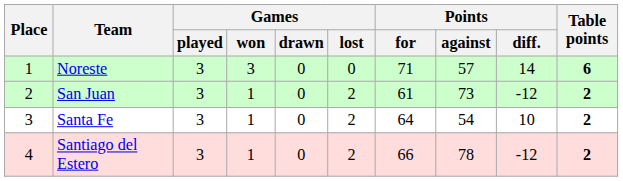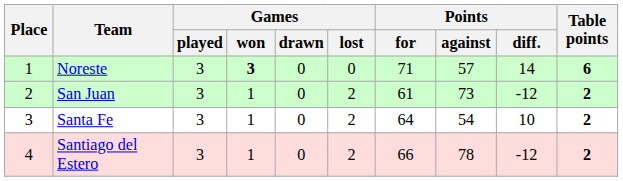 <table class="wikitable">
 <tr>
 <th rowspan=2 width="8%">Place</th>
 <th rowspan=2 width="20%">Team</th>
 <th colspan=4 width="32%">Games</th>
 <th colspan=3 width="30%">Points</th>
 <th rowspan=2 width="10%">Table<br>points</th>
 </tr>
 <tr>
 <th width="8%">played</th>
 <th width="8%">won</th>
 <th width="8%">drawn</th>
 <th width="8%">lost</th>
 <th width="10%">for</th>
 <th width="10%">against</th>
 <th width="10%">diff.</th>
 </tr>
 <tr align=center style="background: #ccffcc;">
 <td>1</td>
 <td align=left><a href='#'>Noreste</a></td>
 <td>3</td>
-<td>3</td>
+<td><strong>3</strong></td>
 <td>0</td>
 <td>0</td>
 <td>71</td>
 <td>57</td>
 <td>14</td>
 <td><strong>6</strong></td>
 </tr>
 <tr align=center style="background: #ccffcc;">
 <td>2</td>
 <td align=left><a href='#'>San Juan</a></td>
 <td>3</td>
 <td>1</td>
 <td>0</td>
 <td>2</td>
 <td>61</td>
 <td>73</td>
 <td>-12</td>
 <td><strong>2</strong></td>
 </tr>
 <tr align=center style="background: #ffffff;">
 <td>3</td>
 <td align=left><a href='#'>Santa Fe</a></td>
 <td>3</td>
 <td>1</td>
 <td>0</td>
 <td>2</td>
 <td>64</td>
 <td>54</td>
 <td>10</td>
 <td><strong>2</strong></td>
 </tr>
 <tr align=center style="background: #ffdddd;">
 <td>4</td>
 <td align=left><a href='#'>Santiago del Estero</a></td>
 <td>3</td>
 <td>1</td>
 <td>0</td>
 <td>2</td>
 <td>66</td>
 <td>78</td>
 <td>-12</td>
 <td><strong>2</strong></td>
 </tr>
 </table>
